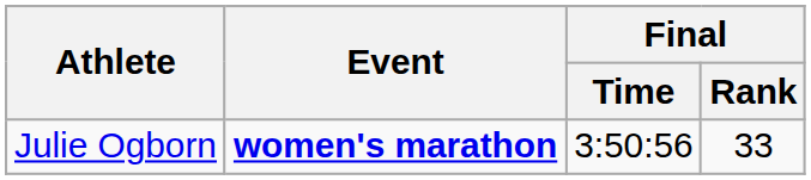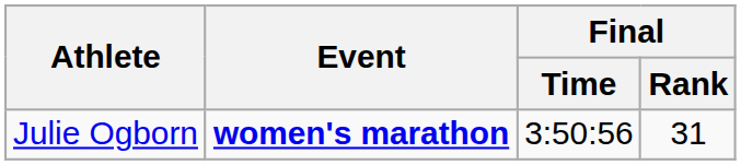 <table class=wikitable style="font-size:90%;">
 <tr>
 <th rowspan=2>Athlete</th>
 <th rowspan=2>Event</th>
 <th colspan=2>Final</th>
 </tr>
 <tr>
 <th>Time</th>
 <th>Rank</th>
 </tr>
 <tr align=center>
 <td><a href='#'>Julie Ogborn</a></td>
 <td><strong><a href='#'>women's marathon</a></strong></td>
 <td>3:50:56</td>
-<td>33</td>
+<td>31</td>
 </tr>
 </table>
